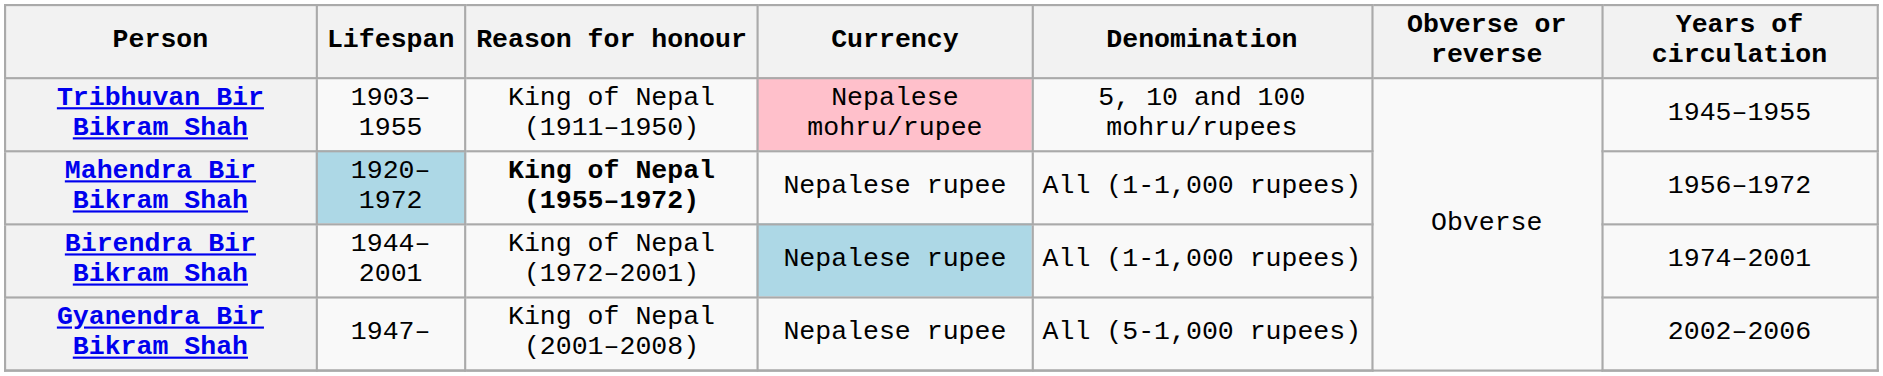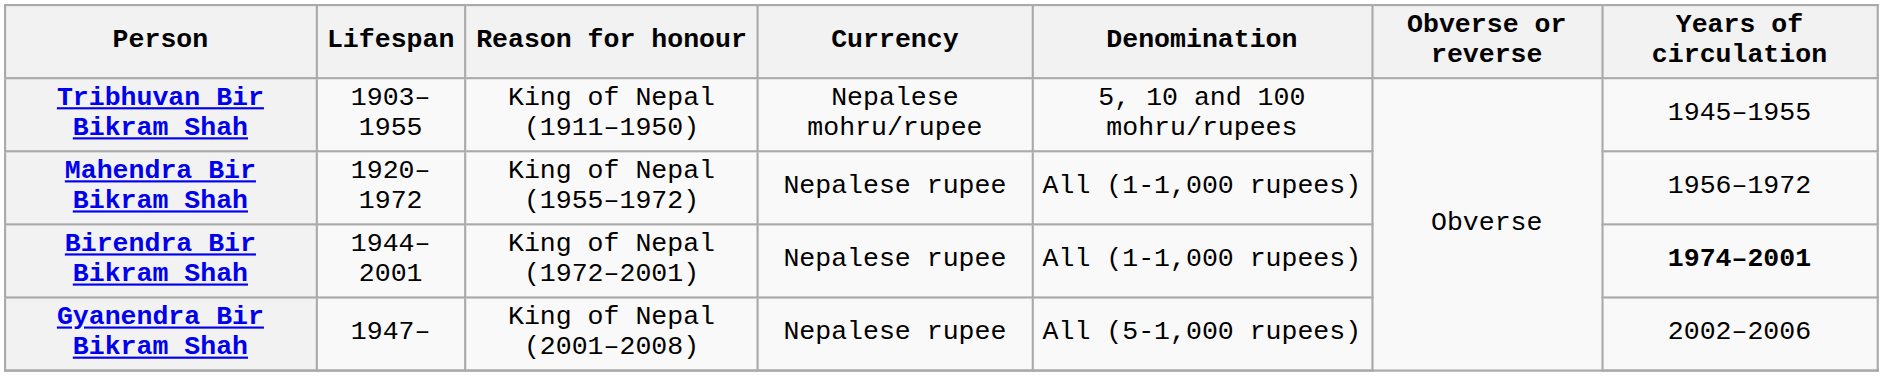 <table class="wikitable" style="font-size:95%; text-align:center;">
 <tr>
 <th>Person</th>
 <th>Lifespan</th>
 <th>Reason for honour</th>
 <th>Currency</th>
 <th>Denomination</th>
 <th>Obverse or reverse</th>
 <th>Years of circulation</th>
 </tr>
 <tr>
 <th><a href='#'>Tribhuvan Bir Bikram Shah</a></th>
 <td>1903–1955</td>
 <td>King of Nepal (1911–1950)</td>
-<td style="background: pink;">Nepalese mohru/rupee</td>
+<td>Nepalese mohru/rupee</td>
 <td>5, 10 and 100 mohru/rupees</td>
 <td rowspan=6>Obverse</td>
 <td>1945–1955</td>
 </tr>
 <tr>
 <th><a href='#'>Mahendra Bir Bikram Shah</a></th>
-<td style="background: lightblue;">1920–1972</td>
-<td><strong>King of Nepal (1955–1972)</strong></td>
+<td>1920–1972</td>
+<td>King of Nepal (1955–1972)</td>
 <td>Nepalese rupee</td>
 <td>All (1-1,000 rupees)</td>
 <td>1956–1972</td>
 </tr>
 <tr>
 <th><a href='#'>Birendra Bir Bikram Shah</a></th>
 <td>1944–2001</td>
 <td>King of Nepal (1972–2001)</td>
-<td style="background: lightblue;">Nepalese rupee</td>
+<td>Nepalese rupee</td>
 <td>All (1-1,000 rupees)</td>
-<td>1974–2001</td>
+<td><strong>1974–2001</strong></td>
 </tr>
 <tr>
 <th><a href='#'>Gyanendra Bir Bikram Shah</a></th>
 <td>1947–</td>
 <td>King of Nepal (2001–2008)</td>
 <td>Nepalese rupee</td>
 <td>All (5-1,000 rupees)</td>
 <td>2002–2006</td>
 </tr>
 <tr>
 </tr>
 </table>
